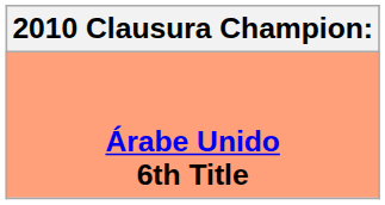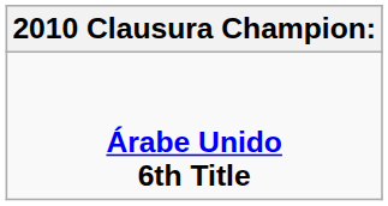 <table class="wikitable" style="text-align: center; margin: 0 auto;">
 <tr>
 <th>2010 Clausura Champion:</th>
 </tr>
 <tr>
-<td style="background: lightsalmon;"><br><br><strong><a href='#'>Árabe Unido</a></strong><br><strong>6th Title</strong></td>
+<td><br><br><strong><a href='#'>Árabe Unido</a></strong><br><strong>6th Title</strong></td>
 </tr>
 </table>
